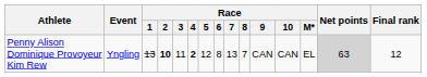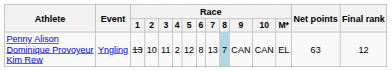 <table class="wikitable" style="font-size:90%">
 <tr>
 <th rowspan="2">Athlete</th>
 <th rowspan="2">Event</th>
 <th colspan=11>Race</th>
 <th rowspan=2>Net points</th>
 <th rowspan=2>Final rank</th>
 </tr>
 <tr style="font-size:95%">
 <th>1</th>
 <th>2</th>
 <th>3</th>
 <th>4</th>
 <th>5</th>
 <th>6</th>
 <th>7</th>
 <th>8</th>
 <th>9</th>
 <th>10</th>
 <th>M*</th>
 </tr>
 <tr align=center>
 <td align=left><a href='#'>Penny Alison</a> <br><a href='#'>Dominique Provoyeur</a><br><a href='#'>Kim Rew</a></td>
 <td align=left><a href='#'>Yngling</a></td>
 <td><s>13</s></td>
-<td><strong>10</strong></td>
+<td>10</td>
 <td>11</td>
-<td><strong>2</strong></td>
+<td>2</td>
 <td>12</td>
 <td>8</td>
 <td>13</td>
-<td>7</td>
+<td style="background: lightblue;">7</td>
 <td>CAN</td>
 <td>CAN</td>
 <td>EL</td>
-<td style="background: lightgrey;">63</td>
+<td>63</td>
 <td>12</td>
 </tr>
 </table>
